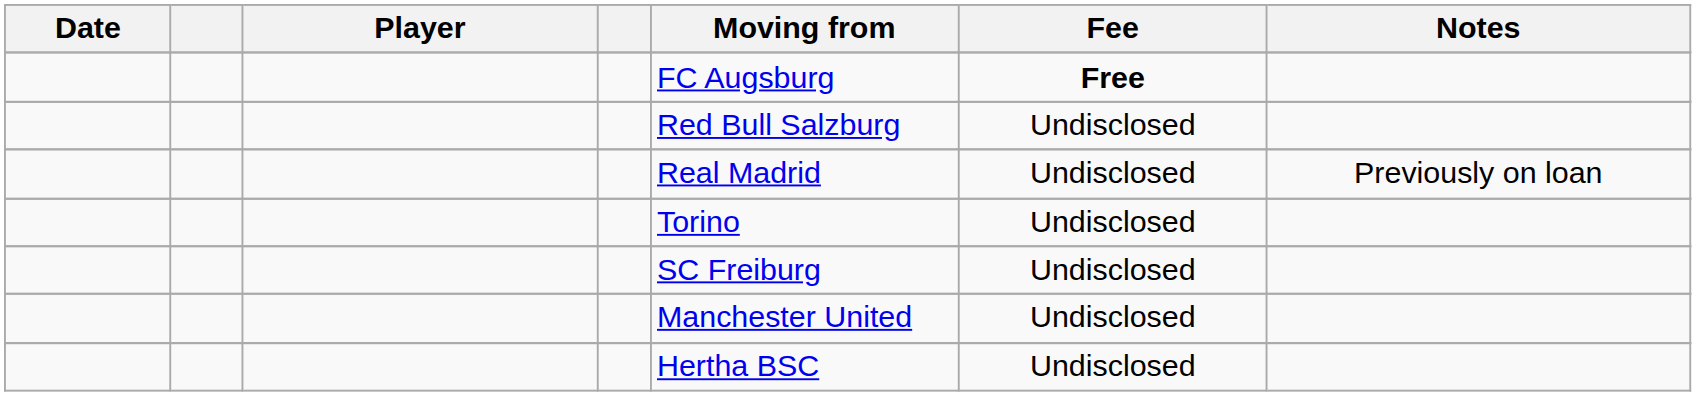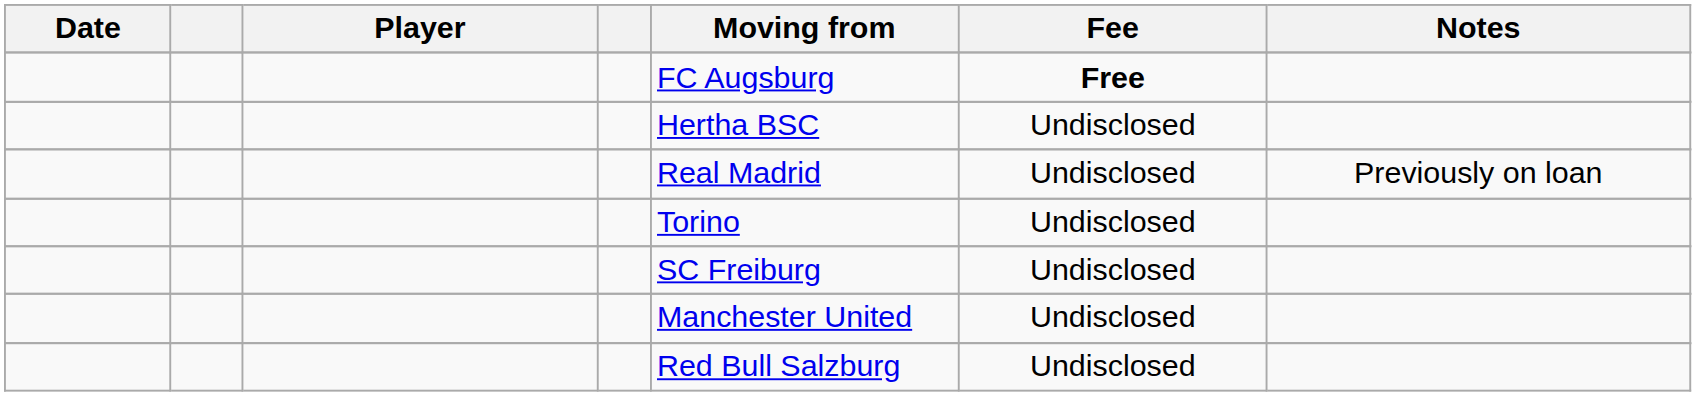 <table class="wikitable sortable">
 <tr>
 <th style="width:80px;">Date</th>
 <th style="width:30px;"></th>
 <th style="width:180px;">Player</th>
 <th style="width:20px;"></th>
 <th style="width:155px;">Moving from</th>
 <th style="width:155px;" class="unsortable">Fee</th>
 <th style="width:215px;" class="unsortable">Notes</th>
 </tr>
 <tr>
 </tr>
 <tr>
 <td></td>
 <td align=center></td>
 <td> </td>
 <td></td>
 <td> <a href='#'>FC Augsburg</a></td>
 <td align=center><strong>Free</strong></td>
 <td align=center></td>
 </tr>
 <tr>
 </tr>
 <tr>
 <td></td>
 <td align=center></td>
 <td> </td>
 <td></td>
-<td> <a href='#'>Red Bull Salzburg</a></td>
+<td> <a href='#'>Hertha BSC</a></td>
 <td align=center>Undisclosed</td>
 <td align=center></td>
 </tr>
 <tr>
 </tr>
 <tr>
 <td></td>
 <td align=center></td>
 <td> </td>
 <td></td>
 <td> <a href='#'>Real Madrid</a></td>
 <td align=center>Undisclosed</td>
 <td align=center>Previously on loan</td>
 </tr>
 <tr>
 </tr>
 <tr>
 <td></td>
 <td align=center></td>
 <td> </td>
 <td></td>
 <td> <a href='#'>Torino</a></td>
 <td align=center>Undisclosed</td>
 <td align=center></td>
 </tr>
 <tr>
 </tr>
 <tr>
 <td></td>
 <td align=center></td>
 <td> </td>
 <td></td>
 <td> <a href='#'>SC Freiburg</a></td>
 <td align=center>Undisclosed</td>
 <td align=center></td>
 </tr>
 <tr>
 </tr>
 <tr>
 <td></td>
 <td align=center></td>
 <td> </td>
 <td></td>
 <td> <a href='#'>Manchester United</a></td>
 <td align=center>Undisclosed</td>
 <td align=center></td>
 </tr>
 <tr>
 </tr>
 <tr>
 <td></td>
 <td align=center></td>
 <td> </td>
 <td></td>
-<td> <a href='#'>Hertha BSC</a></td>
+<td> <a href='#'>Red Bull Salzburg</a></td>
 <td align=center>Undisclosed</td>
 <td align=center></td>
 </tr>
 </table>
